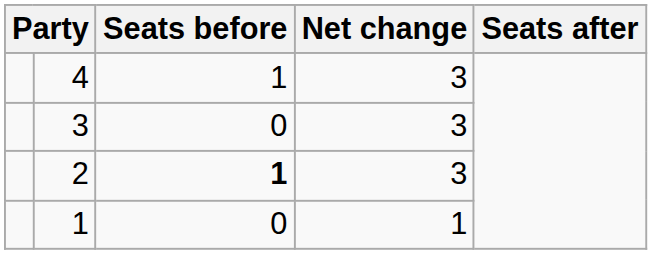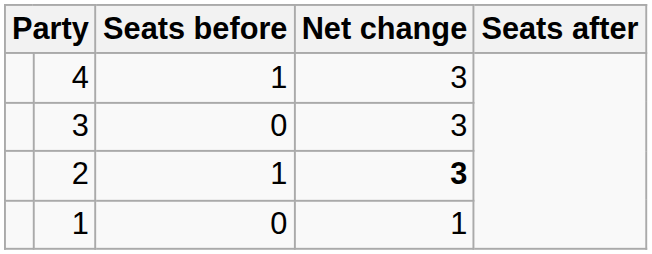 <table class=wikitable style="text-align:right">
 <tr>
 <th colspan="2">Party</th>
 <th>Seats before</th>
 <th>Net change</th>
 <th>Seats after</th>
 </tr>
 <tr>
 <td></td>
 <td>4</td>
 <td> 1</td>
 <td>3</td>
 </tr>
 <tr>
 <td></td>
 <td>3</td>
 <td> 0</td>
 <td>3</td>
 </tr>
 <tr>
 <td></td>
 <td>2</td>
-<td><strong> 1</strong></td>
-<td>3</td>
+<td> 1</td>
+<td><strong>3</strong></td>
 </tr>
 <tr>
 <td></td>
 <td>1</td>
 <td> 0</td>
 <td>1</td>
 </tr>
 </table>
